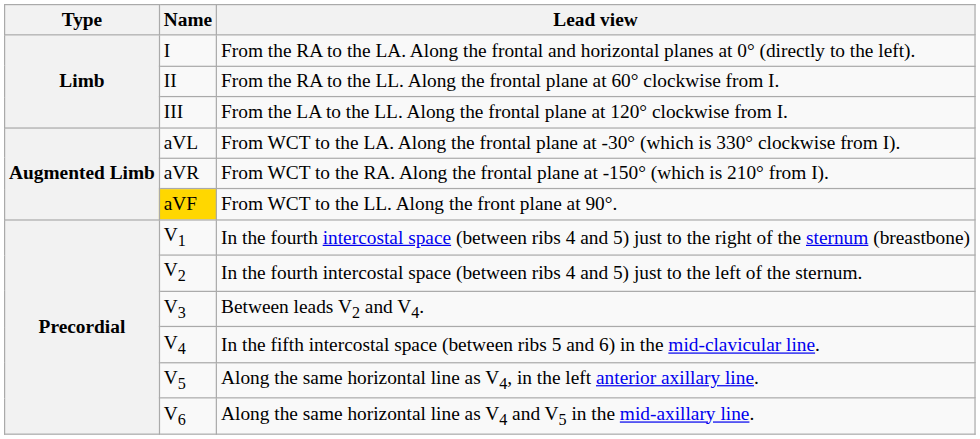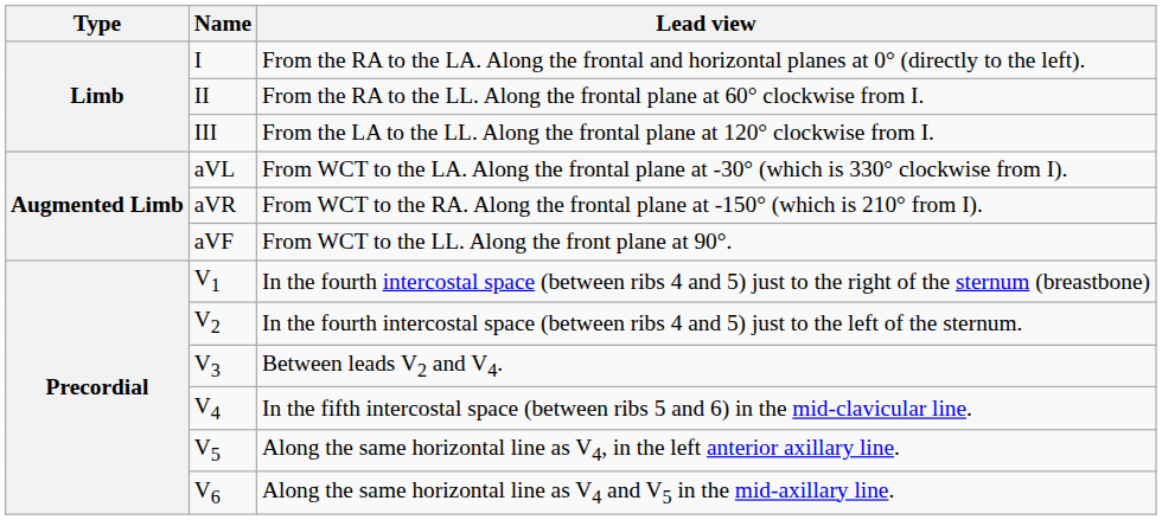 <table class="wikitable collapsible">
 <tr>
 <th>Type</th>
 <th>Name</th>
 <th>Lead view</th>
 </tr>
 <tr>
 <th rowspan=3>Limb</th>
 <td>I</td>
 <td>From the RA to the LA. Along the frontal and horizontal planes at 0° (directly to the left).</td>
 </tr>
 <tr>
 <td>II</td>
 <td>From the RA to the LL. Along the frontal plane at 60° clockwise from I.</td>
 </tr>
 <tr>
 <td>III</td>
 <td>From the LA to the LL. Along the frontal plane at 120° clockwise from I.</td>
 </tr>
 <tr>
 <th rowspan=3>Augmented Limb</th>
 <td>aVL</td>
 <td>From WCT to the LA. Along the frontal plane at -30° (which is 330° clockwise from I).</td>
 </tr>
 <tr>
 <td>aVR</td>
 <td>From WCT to the RA. Along the frontal plane at -150° (which is 210° from I).</td>
 </tr>
 <tr>
-<td style="background: gold;">aVF</td>
+<td>aVF</td>
 <td>From WCT to the LL. Along the front plane at 90°.</td>
 </tr>
 <tr>
 <th rowspan=6>Precordial</th>
 <td>V<sub>1</sub></td>
 <td>In the fourth <a href='#'>intercostal space</a> (between ribs 4 and 5) just to the right of the <a href='#'>sternum</a> (breastbone)</td>
 </tr>
 <tr>
 <td>V<sub>2</sub></td>
 <td>In the fourth intercostal space (between ribs 4 and 5) just to the left of the sternum.</td>
 </tr>
 <tr>
 <td>V<sub>3</sub></td>
 <td>Between leads V<sub>2</sub> and V<sub>4</sub>.</td>
 </tr>
 <tr>
 <td>V<sub>4</sub></td>
 <td>In the fifth intercostal space (between ribs 5 and 6) in the <a href='#'>mid-clavicular line</a>.</td>
 </tr>
 <tr>
 <td>V<sub>5</sub></td>
 <td>Along the same horizontal line as V<sub>4</sub>, in the left <a href='#'>anterior axillary line</a>.</td>
 </tr>
 <tr>
 <td>V<sub>6</sub></td>
 <td>Along the same horizontal line as V<sub>4</sub> and V<sub>5</sub> in the <a href='#'>mid-axillary line</a>.</td>
 </tr>
 </table>
